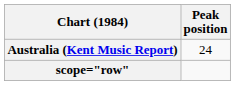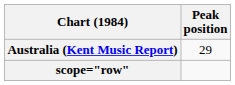 <table class="wikitable sortable plainrowheaders">
 <tr>
 <th scope="col">Chart (1984)</th>
 <th scope="col">Peak<br>position</th>
 </tr>
 <tr>
 <th scope="row">Australia (<a href='#'>Kent Music Report</a>)</th>
-<td style="text-align:center;">24</td>
+<td style="text-align:center;">29</td>
 </tr>
 <tr>
 <th>scope="row"</th>
 </tr>
 </table>
